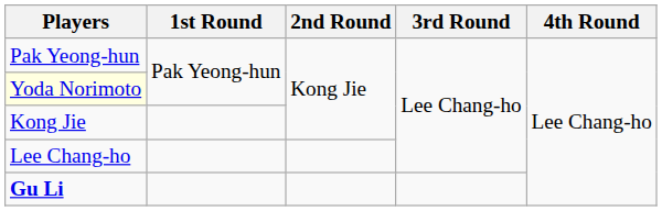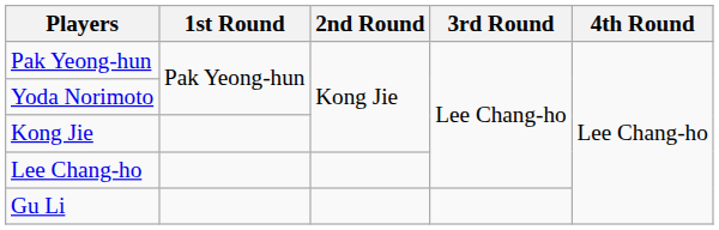 <table class="wikitable">
 <tr>
 <th>Players</th>
 <th>1st Round</th>
 <th>2nd Round</th>
 <th>3rd Round</th>
 <th>4th Round</th>
 </tr>
 <tr>
 <td> <a href='#'>Pak Yeong-hun</a></td>
 <td rowspan="2" valign="center">Pak Yeong-hun</td>
 <td rowspan="3" valign="center">Kong Jie</td>
 <td rowspan="4" valign="center">Lee Chang-ho</td>
 <td rowspan="5" valign="center">Lee Chang-ho</td>
 </tr>
 <tr>
-<td style="background: lightyellow;"> <a href='#'>Yoda Norimoto</a></td>
+<td> <a href='#'>Yoda Norimoto</a></td>
 </tr>
 <tr>
 <td> <a href='#'>Kong Jie</a></td>
 <td></td>
 </tr>
 <tr>
 <td> <a href='#'>Lee Chang-ho</a></td>
 <td></td>
 <td></td>
 </tr>
 <tr>
-<td><strong> <a href='#'>Gu Li</a></strong></td>
+<td> <a href='#'>Gu Li</a></td>
 <td></td>
 <td></td>
 <td></td>
 </tr>
 </table>
